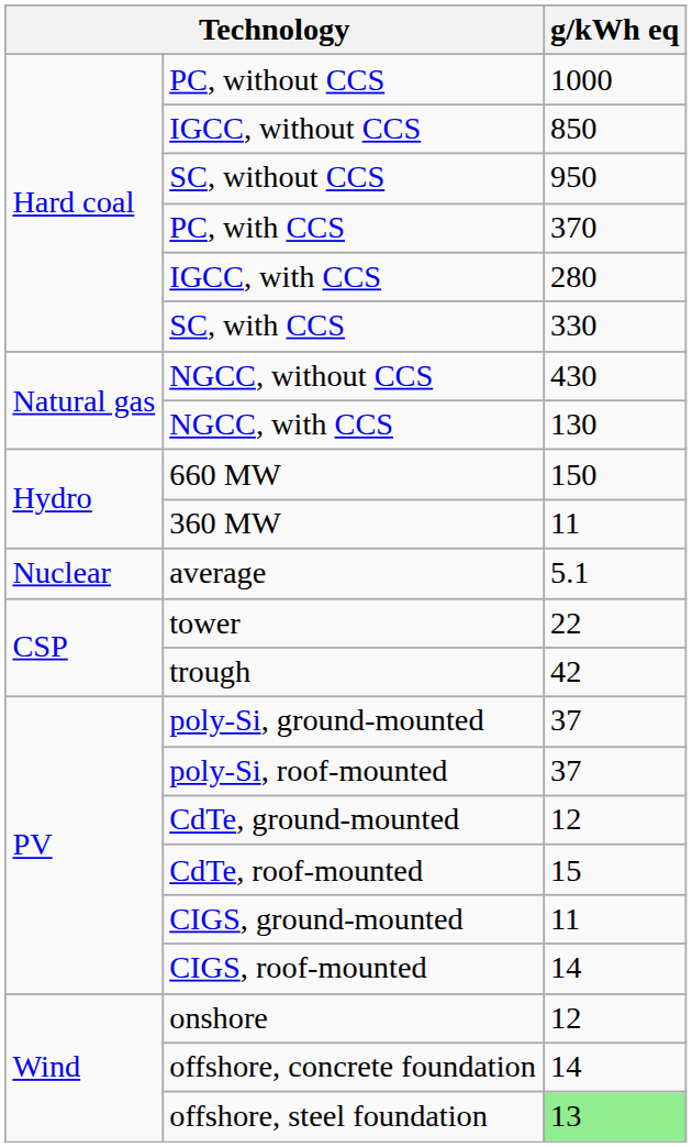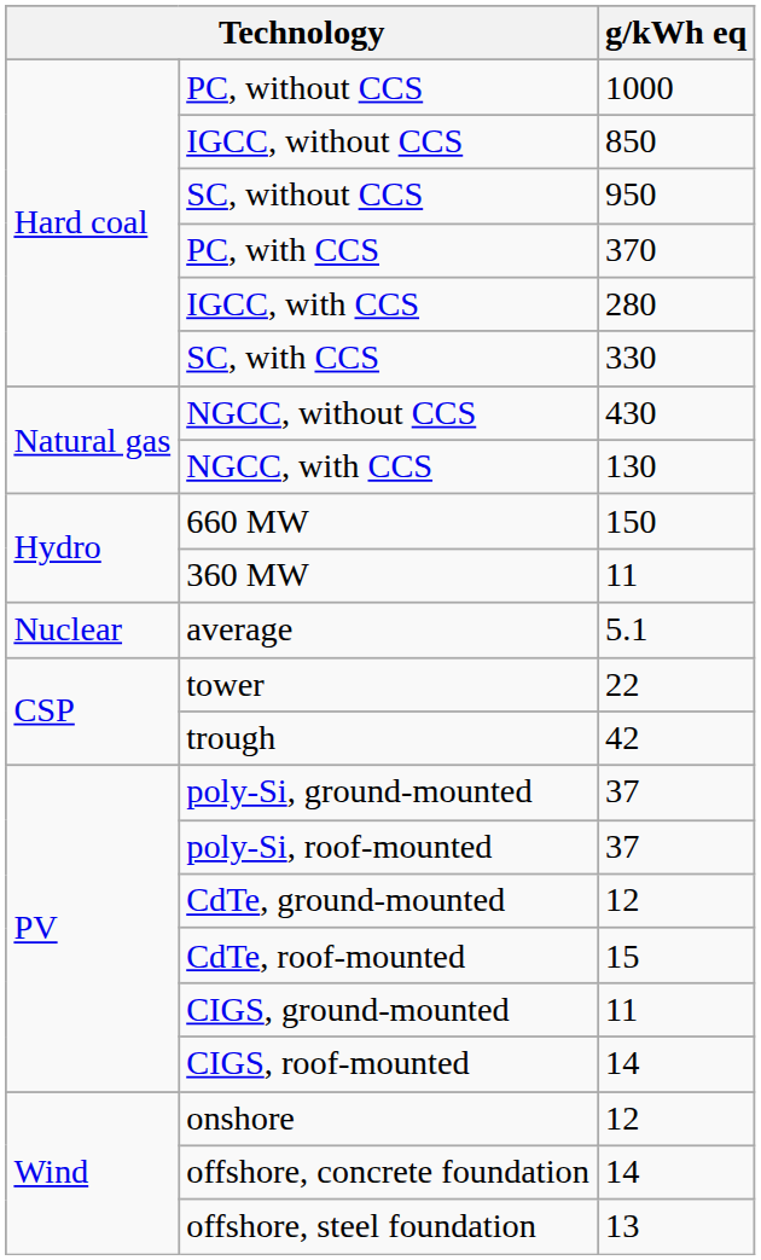 <table class="wikitable sortable">
 <tr>
 <th colspan="2">Technology</th>
 <th>g/kWh eq</th>
 </tr>
 <tr>
 <td rowspan="6"><a href='#'>Hard coal</a></td>
 <td><a href='#'>PC</a>, without <a href='#'>CCS</a></td>
 <td>1000</td>
 </tr>
 <tr>
 <td><a href='#'>IGCC</a>, without <a href='#'>CCS</a></td>
 <td>850</td>
 </tr>
 <tr>
 <td><a href='#'>SC</a>, without <a href='#'>CCS</a></td>
 <td>950</td>
 </tr>
 <tr>
 <td><a href='#'>PC</a>, with <a href='#'>CCS</a></td>
 <td>370</td>
 </tr>
 <tr>
 <td><a href='#'>IGCC</a>, with <a href='#'>CCS</a></td>
 <td>280</td>
 </tr>
 <tr>
 <td><a href='#'>SC</a>, with <a href='#'>CCS</a></td>
 <td>330</td>
 </tr>
 <tr>
 <td rowspan="2"><a href='#'>Natural gas</a></td>
 <td><a href='#'>NGCC</a>, without <a href='#'>CCS</a></td>
 <td>430</td>
 </tr>
 <tr>
 <td><a href='#'>NGCC</a>, with <a href='#'>CCS</a></td>
 <td>130</td>
 </tr>
 <tr>
 <td rowspan="2"><a href='#'>Hydro</a></td>
 <td>660 MW </td>
 <td>150</td>
 </tr>
 <tr>
 <td>360 MW</td>
 <td>11</td>
 </tr>
 <tr>
 <td><a href='#'>Nuclear</a></td>
 <td>average</td>
 <td>5.1</td>
 </tr>
 <tr>
 <td rowspan="2"><a href='#'>CSP</a></td>
 <td>tower</td>
 <td>22</td>
 </tr>
 <tr>
 <td>trough</td>
 <td>42</td>
 </tr>
 <tr>
 <td rowspan="6"><a href='#'>PV</a></td>
 <td><a href='#'>poly-Si</a>, ground-mounted</td>
 <td>37</td>
 </tr>
 <tr>
 <td><a href='#'>poly-Si</a>, roof-mounted</td>
 <td>37</td>
 </tr>
 <tr>
 <td><a href='#'>CdTe</a>, ground-mounted</td>
 <td>12</td>
 </tr>
 <tr>
 <td><a href='#'>CdTe</a>, roof-mounted</td>
 <td>15</td>
 </tr>
 <tr>
 <td><a href='#'>CIGS</a>, ground-mounted</td>
 <td>11</td>
 </tr>
 <tr>
 <td><a href='#'>CIGS</a>, roof-mounted</td>
 <td>14</td>
 </tr>
 <tr>
 <td rowspan="3"><a href='#'>Wind</a></td>
 <td>onshore</td>
 <td>12</td>
 </tr>
 <tr>
 <td>offshore, concrete foundation</td>
 <td>14</td>
 </tr>
 <tr>
 <td>offshore, steel foundation</td>
-<td style="background: lightgreen;">13</td>
+<td>13</td>
 </tr>
 </table>
